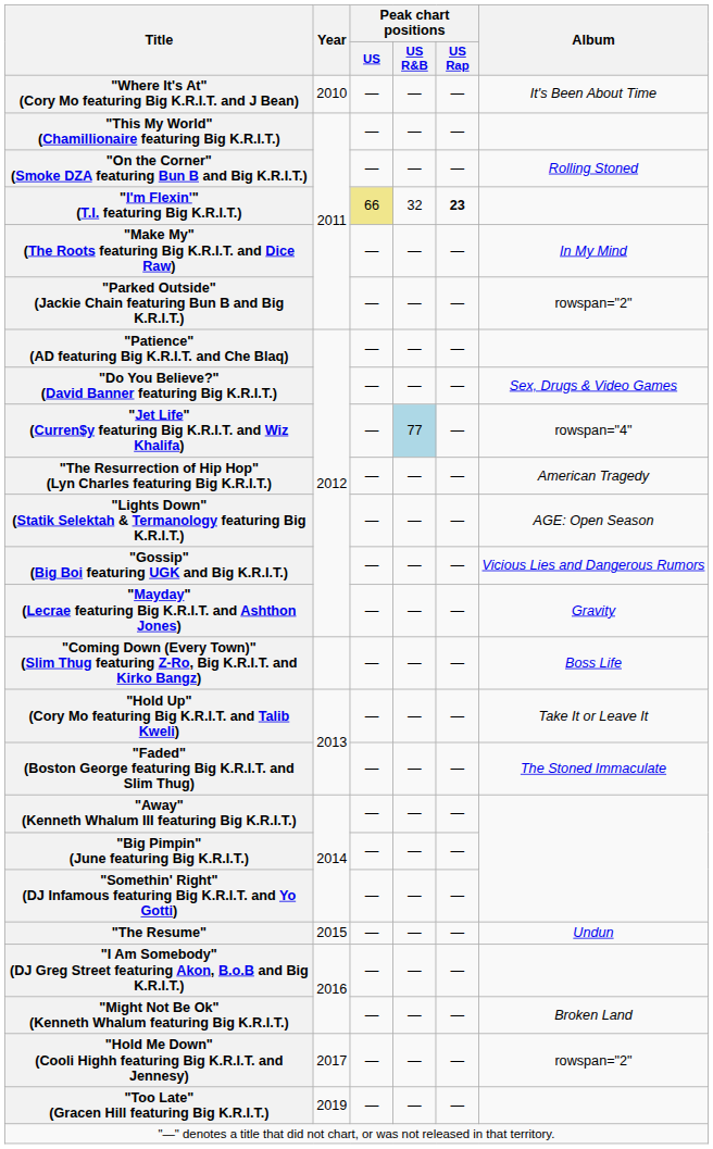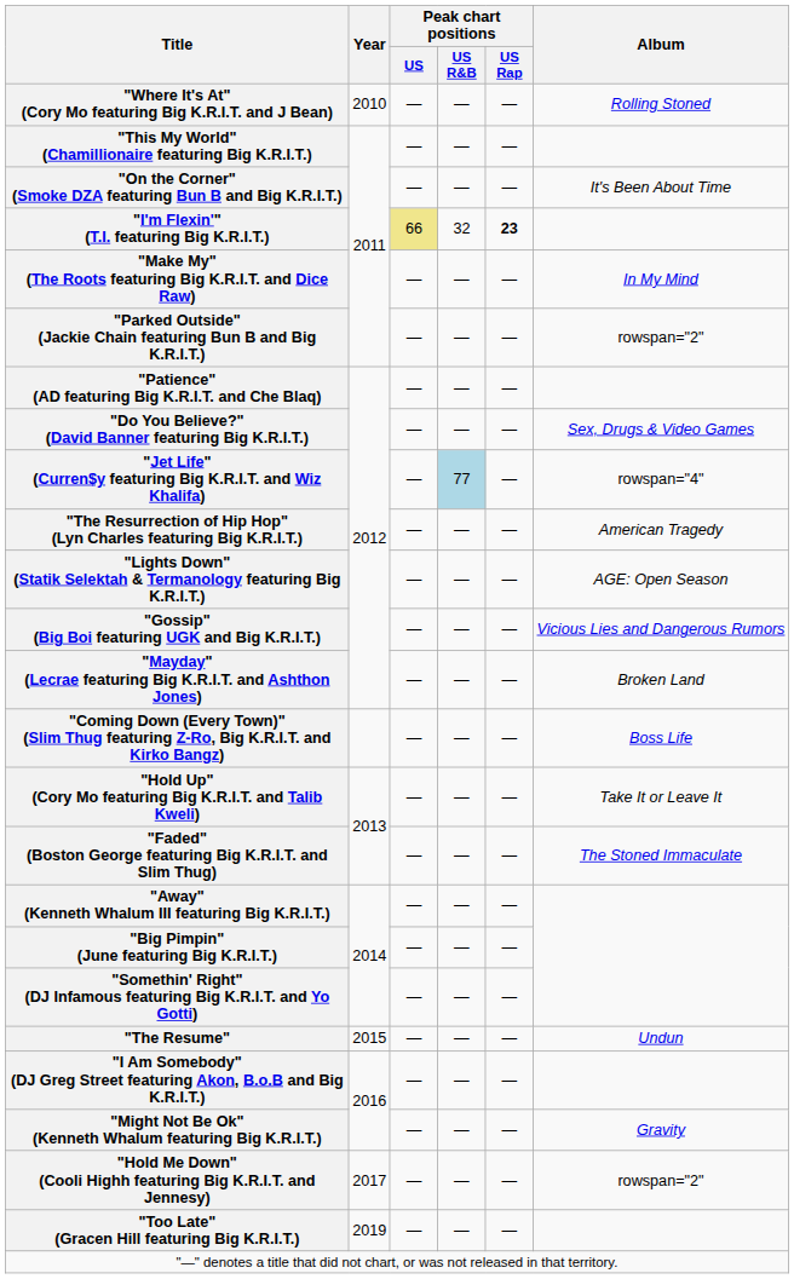 <table class="wikitable plainrowheaders" style="text-align:center;">
 <tr>
 <th scope="col" rowspan="2" style="width:22em;">Title</th>
 <th scope="col" rowspan="2">Year</th>
 <th scope="col" colspan="3">Peak chart positions</th>
 <th scope="col" rowspan="2">Album</th>
 </tr>
 <tr>
 <th scope="col" style="width:3em;font-size:90%;"><a href='#'>US</a><br></th>
 <th scope="col" style="width:3em;font-size:90%;"><a href='#'>US<br>R&B</a><br></th>
 <th scope="col" style="width:3em;font-size:90%;"><a href='#'>US<br>Rap</a><br></th>
 </tr>
 <tr>
 <th scope="row">"Where It's At"<br><span>(Cory Mo featuring Big K.R.I.T. and J Bean)</span></th>
 <td>2010</td>
 <td>—</td>
 <td>—</td>
 <td>—</td>
-<td><em>It's Been About Time</em></td>
+<td><em><a href='#'>Rolling Stoned</a></em></td>
 </tr>
 <tr>
 <th scope="row">"This My World"<br><span>(<a href='#'>Chamillionaire</a> featuring Big K.R.I.T.)</span></th>
 <td rowspan="5">2011</td>
 <td>—</td>
 <td>—</td>
 <td>—</td>
 <td></td>
 </tr>
 <tr>
 <th scope="row">"On the Corner"<br><span>(<a href='#'>Smoke DZA</a> featuring <a href='#'>Bun B</a> and Big K.R.I.T.)</span></th>
 <td>—</td>
 <td>—</td>
 <td>—</td>
-<td><em><a href='#'>Rolling Stoned</a></em></td>
+<td><em>It's Been About Time</em></td>
 </tr>
 <tr>
 <th scope="row">"<a href='#'>I'm Flexin'</a>"<br><span>(<a href='#'>T.I.</a> featuring Big K.R.I.T.)</span></th>
 <td style="background: khaki;">66</td>
 <td>32</td>
 <td><strong>23</strong></td>
 <td></td>
 </tr>
 <tr>
 <th scope="row">"Make My"<br><span>(<a href='#'>The Roots</a> featuring Big K.R.I.T. and <a href='#'>Dice Raw</a>)</span></th>
 <td>—</td>
 <td>—</td>
 <td>—</td>
 <td><em><a href='#'>In My Mind</a></em></td>
 </tr>
 <tr>
 <th scope="row">"Parked Outside"<br><span>(Jackie Chain featuring Bun B and Big K.R.I.T.)</span></th>
 <td>—</td>
 <td>—</td>
 <td>—</td>
 <td>rowspan="2" </td>
 </tr>
 <tr>
 <th scope="row">"Patience"<br><span>(AD featuring Big K.R.I.T. and Che Blaq)</span></th>
 <td rowspan="7">2012</td>
 <td>—</td>
 <td>—</td>
 <td>—</td>
 </tr>
 <tr>
 <th scope="row">"Do You Believe?"<br><span>(<a href='#'>David Banner</a> featuring Big K.R.I.T.)</span></th>
 <td>—</td>
 <td>—</td>
 <td>—</td>
 <td><em><a href='#'>Sex, Drugs & Video Games</a></em></td>
 </tr>
 <tr>
 <th scope="row">"<a href='#'>Jet Life</a>"<br><span>(<a href='#'>Curren$y</a> featuring Big K.R.I.T. and <a href='#'>Wiz Khalifa</a>)</span></th>
 <td>—</td>
 <td style="background: lightblue;">77</td>
 <td>—</td>
 <td>rowspan="4" </td>
 </tr>
 <tr>
 <th scope="row">"The Resurrection of Hip Hop"<br><span>(Lyn Charles featuring Big K.R.I.T.)</span></th>
 <td>—</td>
 <td>—</td>
 <td>—</td>
 <td><em>American Tragedy</em></td>
 </tr>
 <tr>
 <th scope="row">"Lights Down"<br><span>(<a href='#'>Statik Selektah</a> & <a href='#'>Termanology</a> featuring Big K.R.I.T.)</span></th>
 <td>—</td>
 <td>—</td>
 <td>—</td>
 <td><em>AGE: Open Season</em></td>
 </tr>
 <tr>
 <th scope="row">"Gossip"<br><span>(<a href='#'>Big Boi</a> featuring <a href='#'>UGK</a> and Big K.R.I.T.)</span></th>
 <td>—</td>
 <td>—</td>
 <td>—</td>
 <td><em><a href='#'>Vicious Lies and Dangerous Rumors</a></em></td>
 </tr>
 <tr>
 <th scope="row">"<a href='#'>Mayday</a>"<br><span>(<a href='#'>Lecrae</a> featuring Big K.R.I.T. and <a href='#'>Ashthon Jones</a>)</span></th>
 <td>—</td>
 <td>—</td>
 <td>—</td>
-<td><em><a href='#'>Gravity</a></em></td>
+<td><em>Broken Land</em></td>
 </tr>
 <tr>
 <th scope="row">"Coming Down (Every Town)"<br><span>(<a href='#'>Slim Thug</a> featuring <a href='#'>Z-Ro</a>, Big K.R.I.T. and <a href='#'>Kirko Bangz</a>)</span></th>
 <td></td>
 <td>—</td>
 <td>—</td>
 <td>—</td>
 <td><em><a href='#'>Boss Life</a></em></td>
 </tr>
 <tr>
 <th scope="row">"Hold Up"<br><span>(Cory Mo featuring Big K.R.I.T. and <a href='#'>Talib Kweli</a>)</span></th>
 <td rowspan="2">2013</td>
 <td>—</td>
 <td>—</td>
 <td>—</td>
 <td><em>Take It or Leave It</em></td>
 </tr>
 <tr>
 <th scope="row">"Faded"<br><span>(Boston George featuring Big K.R.I.T. and Slim Thug)</span></th>
 <td>—</td>
 <td>—</td>
 <td>—</td>
 <td><em><a href='#'>The Stoned Immaculate</a></em></td>
 </tr>
 <tr>
 <th scope="row">"Away"<br><span>(Kenneth Whalum III featuring Big K.R.I.T.)</span></th>
 <td rowspan="3">2014</td>
 <td>—</td>
 <td>—</td>
 <td>—</td>
 </tr>
 <tr>
 <th scope="row">"Big Pimpin"<br><span>(June featuring Big K.R.I.T.)</span></th>
 <td>—</td>
 <td>—</td>
 <td>—</td>
 </tr>
 <tr>
 <th scope="row">"Somethin' Right"<br><span>(DJ Infamous featuring Big K.R.I.T. and <a href='#'>Yo Gotti</a>)</span></th>
 <td>—</td>
 <td>—</td>
 <td>—</td>
 </tr>
 <tr>
 <th scope="row">"The Resume"<br></th>
 <td>2015</td>
 <td>—</td>
 <td>—</td>
 <td>—</td>
 <td><em><a href='#'>Undun</a></em></td>
 </tr>
 <tr>
 <th scope="row">"I Am Somebody"<br><span>(DJ Greg Street featuring <a href='#'>Akon</a>, <a href='#'>B.o.B</a> and Big K.R.I.T.)</span></th>
 <td rowspan="2">2016</td>
 <td>—</td>
 <td>—</td>
 <td>—</td>
 <td></td>
 </tr>
 <tr>
 <th scope="row">"Might Not Be Ok"<br><span>(Kenneth Whalum featuring Big K.R.I.T.)</span></th>
 <td>—</td>
 <td>—</td>
 <td>—</td>
-<td><em>Broken Land</em></td>
+<td><em><a href='#'>Gravity</a></em></td>
 </tr>
 <tr>
 <th scope="row">"Hold Me Down"<br><span>(Cooli Highh featuring Big K.R.I.T. and Jennesy)</span></th>
 <td>2017</td>
 <td>—</td>
 <td>—</td>
 <td>—</td>
 <td>rowspan="2" </td>
 </tr>
 <tr>
 <th scope="row">"Too Late"<br><span>(Gracen Hill featuring Big K.R.I.T.)</span></th>
 <td>2019</td>
 <td>—</td>
 <td>—</td>
 <td>—</td>
 </tr>
 <tr>
 <td colspan="6" style="font-size:90%">"—" denotes a title that did not chart, or was not released in that territory.</td>
 </tr>
 </table>
